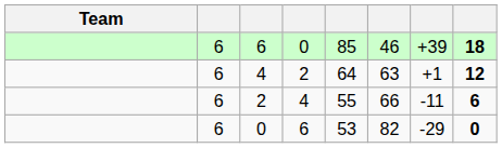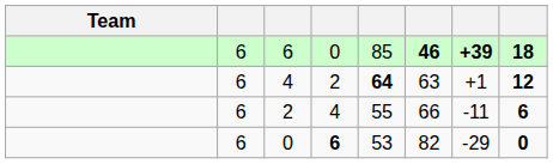 <table class="wikitable" style="text-align:center;font-size:95%">
 <tr>
 <th width=160>Team</th>
 <th width=30></th>
 <th width=30></th>
 <th width=30></th>
 <th width=30></th>
 <th width=30></th>
 <th width=30></th>
 <th width=30></th>
 </tr>
 <tr bgcolor=ccffcc>
 <td align="left"></td>
 <td>6</td>
 <td>6</td>
 <td>0</td>
 <td>85</td>
-<td>46</td>
-<td>+39</td>
+<td><strong>46</strong></td>
+<td><strong>+39</strong></td>
 <td><strong>18</strong></td>
 </tr>
 <tr>
 <td align="left"></td>
 <td>6</td>
 <td>4</td>
 <td>2</td>
-<td>64</td>
+<td><strong>64</strong></td>
 <td>63</td>
 <td>+1</td>
 <td><strong>12</strong></td>
 </tr>
 <tr>
 <td align="left"></td>
 <td>6</td>
 <td>2</td>
 <td>4</td>
 <td>55</td>
 <td>66</td>
 <td>-11</td>
 <td><strong>6</strong></td>
 </tr>
 <tr>
 <td align="left"></td>
 <td>6</td>
 <td>0</td>
-<td>6</td>
+<td><strong>6</strong></td>
 <td>53</td>
 <td>82</td>
 <td>-29</td>
 <td><strong>0</strong></td>
 </tr>
 </table>
